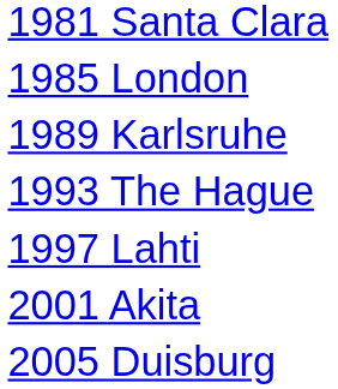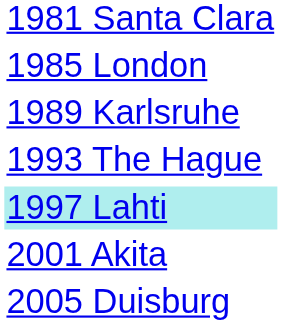 <table>
 <tr>
 <td><a href='#'>1981 Santa Clara</a></td>
 <td></td>
 <td></td>
 <td></td>
 </tr>
 <tr>
 <td><a href='#'>1985 London</a></td>
 <td></td>
 <td></td>
 <td></td>
 </tr>
 <tr>
 <td><a href='#'>1989 Karlsruhe</a></td>
 <td></td>
 <td></td>
 <td></td>
 </tr>
 <tr>
 <td><a href='#'>1993 The Hague</a></td>
 <td></td>
 <td></td>
 <td></td>
 </tr>
 <tr>
-<td><a href='#'>1997 Lahti</a></td>
+<td style="background: paleturquoise;"><a href='#'>1997 Lahti</a></td>
 <td></td>
 <td></td>
 <td></td>
 </tr>
 <tr>
 <td><a href='#'>2001 Akita</a></td>
 <td></td>
 <td></td>
 <td></td>
 </tr>
 <tr>
 <td><a href='#'>2005 Duisburg</a></td>
 <td></td>
 <td></td>
 <td></td>
 </tr>
 </table>
